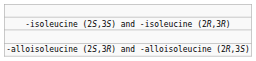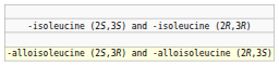 <table class="wikitable centered" style="text-align:center">
 <tr>
 <td> <br></td>
 </tr>
 <tr>
 <td>-isoleucine (2<em>S</em>,3<em>S</em>) and -isoleucine (2<em>R</em>,3<em>R</em>)<br></td>
 </tr>
 <tr>
 <td> <br></td>
 </tr>
 <tr>
-<td>-alloisoleucine (2<em>S</em>,3<em>R</em>) and -alloisoleucine (2<em>R</em>,3<em>S</em>)</td>
+<td style="background: lightyellow;">-alloisoleucine (2<em>S</em>,3<em>R</em>) and -alloisoleucine (2<em>R</em>,3<em>S</em>)</td>
 </tr>
 </table>
